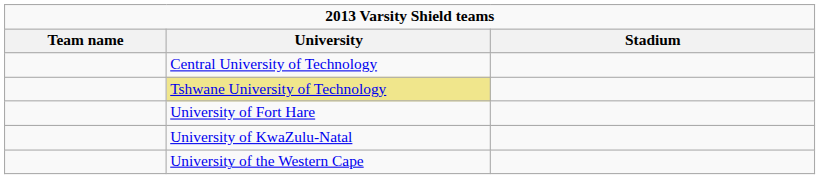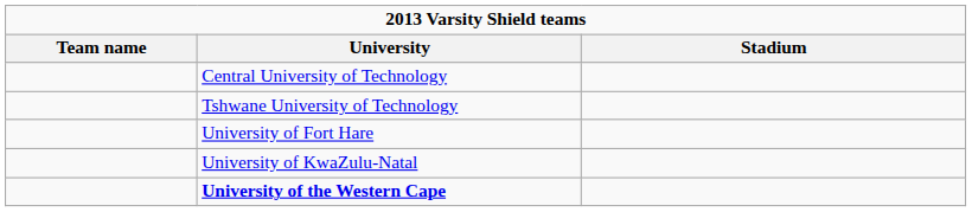 <table class="wikitable" style="text-align:left; line-height:110%; font-size:90%; width:60%;">
 <tr>
 <td colspan=4 align=center><strong>2013 Varsity Shield teams</strong></td>
 </tr>
 <tr>
 <th width="20%">Team name</th>
 <th width="40%">University</th>
 <th width="40%">Stadium</th>
 </tr>
 <tr>
 <td></td>
 <td><a href='#'>Central University of Technology</a></td>
 <td></td>
 </tr>
 <tr>
 <td></td>
-<td style="background: khaki;"><a href='#'>Tshwane University of Technology</a></td>
+<td><a href='#'>Tshwane University of Technology</a></td>
 <td></td>
 </tr>
 <tr>
 <td></td>
 <td><a href='#'>University of Fort Hare</a></td>
 <td></td>
 </tr>
 <tr>
 <td></td>
 <td><a href='#'>University of KwaZulu-Natal</a></td>
 <td></td>
 </tr>
 <tr>
 <td></td>
-<td><a href='#'>University of the Western Cape</a></td>
+<td><strong><a href='#'>University of the Western Cape</a></strong></td>
 <td></td>
 </tr>
 </table>
